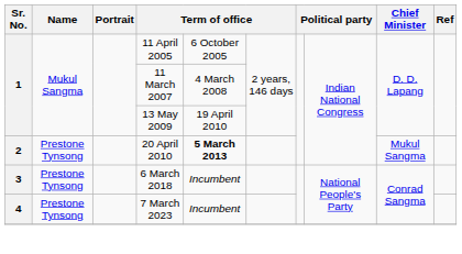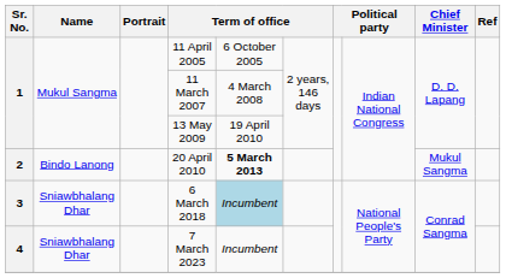 <table class="wikitable" style="width:75%; text-align:center">
 <tr>
 <th>Sr. No.</th>
 <th>Name<br></th>
 <th>Portrait</th>
 <th colspan=3>Term of office</th>
 <th colspan=2>Political party</th>
 <th><a href='#'>Chief Minister</a></th>
 <th>Ref</th>
 </tr>
 <tr>
 <th rowspan=3>1</th>
 <td rowspan=3><a href='#'>Mukul Sangma</a><br></td>
 <td rowspan=3></td>
 <td>11 April 2005</td>
 <td>6 October 2005</td>
 <td rowspan=3>2 years, 146 days</td>
 <td rowspan=4 width="4px" style="background-color: "></td>
 <td rowspan=4><a href='#'>Indian National Congress</a></td>
 <td rowspan=3><a href='#'>D. D. Lapang</a></td>
 <td rowspan=3></td>
 </tr>
 <tr>
 <td>11 March 2007</td>
 <td>4 March 2008</td>
 </tr>
 <tr>
 <td>13 May 2009</td>
 <td>19 April 2010</td>
 </tr>
 <tr>
 <th>2</th>
-<td><a href='#'>Prestone Tynsong</a><br></td>
+<td><a href='#'>Bindo Lanong</a><br></td>
 <td></td>
 <td>20 April 2010</td>
 <td><strong>5 March 2013</strong></td>
 <td></td>
 <td><a href='#'>Mukul Sangma</a></td>
 <td></td>
 </tr>
 <tr>
 <th>3</th>
-<td><a href='#'>Prestone Tynsong</a><br></td>
+<td><a href='#'>Sniawbhalang Dhar</a><br></td>
 <td></td>
 <td>6 March 2018</td>
-<td><em>Incumbent</em></td>
+<td style="background: lightblue;"><em>Incumbent</em></td>
 <td></td>
 <td rowspan=2 width="4px" style="background-color: "></td>
 <td rowspan=2><a href='#'>National People's Party</a></td>
 <td rowspan=2><a href='#'>Conrad Sangma</a></td>
 <td></td>
 </tr>
 <tr>
 <th>4</th>
-<td><a href='#'>Prestone Tynsong</a><br></td>
+<td><a href='#'>Sniawbhalang Dhar</a><br></td>
 <td></td>
 <td>7 March 2023</td>
 <td><em>Incumbent</em></td>
 <td></td>
 <td></td>
 </tr>
 <tr>
 </tr>
 </table>
